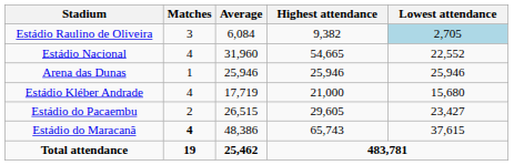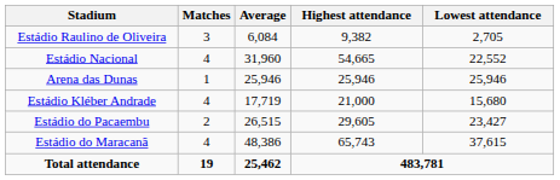 <table class="wikitable plainrowheaders sortable" style="text-align:center">
 <tr>
 <th scope="col" ! style="width:200px;">Stadium</th>
 <th scope="col" ! style="width:60px;">Matches</th>
 <th scope="col" ! style="width:60px;">Average</th>
 <th scope="col" ! style="width:150px;">Highest attendance</th>
 <th scope="col" ! style="width:150px;">Lowest attendance</th>
 </tr>
 <tr>
 <td><a href='#'>Estádio Raulino de Oliveira</a></td>
 <td>3</td>
 <td>6,084</td>
 <td>9,382</td>
-<td style="background: lightblue;">2,705</td>
+<td>2,705</td>
 </tr>
 <tr>
 <td><a href='#'>Estádio Nacional</a></td>
 <td>4</td>
 <td>31,960</td>
 <td>54,665</td>
 <td>22,552</td>
 </tr>
 <tr>
 <td><a href='#'>Arena das Dunas</a></td>
 <td>1</td>
 <td>25,946</td>
 <td>25,946</td>
 <td>25,946</td>
 </tr>
 <tr>
 <td><a href='#'>Estádio Kléber Andrade</a></td>
 <td>4</td>
 <td>17,719</td>
 <td>21,000</td>
 <td>15,680</td>
 </tr>
 <tr>
 <td><a href='#'>Estádio do Pacaembu</a></td>
 <td>2</td>
 <td>26,515</td>
 <td>29,605</td>
 <td>23,427</td>
 </tr>
 <tr>
 <td><a href='#'>Estádio do Maracanã</a></td>
-<td><strong>4</strong></td>
+<td>4</td>
 <td>48,386</td>
 <td>65,743</td>
 <td>37,615</td>
 </tr>
 <tr>
 <td><strong>Total attendance</strong></td>
 <td><strong>19</strong></td>
 <td><strong>25,462</strong></td>
 <td colspan=3><strong>483,781</strong></td>
 </tr>
 </table>
